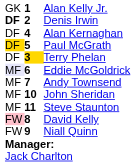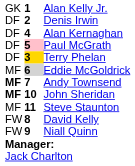 <table style="font-size:90%; margin:0.2em auto;" cellspacing="0" cellpadding="0">
 <tr>
 <th width="25"></th>
 <th width="25"></th>
 </tr>
 <tr>
 <td>GK</td>
 <td><strong>1</strong></td>
 <td><a href='#'>Alan Kelly Jr.</a></td>
 </tr>
 <tr>
-<td><strong>DF</strong></td>
+<td>DF</td>
 <td><strong>2</strong></td>
 <td><a href='#'>Denis Irwin</a></td>
 </tr>
 <tr>
 <td>DF</td>
 <td><strong>4</strong></td>
 <td><a href='#'>Alan Kernaghan</a></td>
 </tr>
 <tr>
-<td style="background: gold;">DF</td>
-<td><strong>5</strong></td>
+<td>DF</td>
+<td style="background: pink;"><strong>5</strong></td>
 <td><a href='#'>Paul McGrath</a></td>
 </tr>
 <tr>
 <td>DF</td>
 <td style="background: gold;"><strong>3</strong></td>
 <td><a href='#'>Terry Phelan</a></td>
 </tr>
 <tr>
-<td style="background: lavender;">MF</td>
-<td><strong>6</strong></td>
+<td>MF</td>
+<td style="background: lightgrey;"><strong>6</strong></td>
 <td><a href='#'>Eddie McGoldrick</a></td>
 </tr>
 <tr>
-<td>MF</td>
+<td><strong>MF</strong></td>
 <td><strong>7</strong></td>
 <td><a href='#'>Andy Townsend</a></td>
 </tr>
 <tr>
-<td>MF</td>
+<td><strong>MF</strong></td>
 <td><strong>10</strong></td>
 <td><a href='#'>John Sheridan</a></td>
 </tr>
 <tr>
 <td>MF</td>
 <td><strong>11</strong></td>
 <td><a href='#'>Steve Staunton</a></td>
 </tr>
 <tr>
-<td style="background: pink;">FW</td>
+<td>FW</td>
 <td><strong>8</strong></td>
 <td><a href='#'>David Kelly</a></td>
 </tr>
 <tr>
 <td>FW</td>
 <td><strong>9</strong></td>
 <td><a href='#'>Niall Quinn</a></td>
 </tr>
 <tr>
 <td colspan=3><strong>Manager:</strong></td>
 </tr>
 <tr>
 <td colspan=4> <a href='#'>Jack Charlton</a></td>
 </tr>
 </table>
